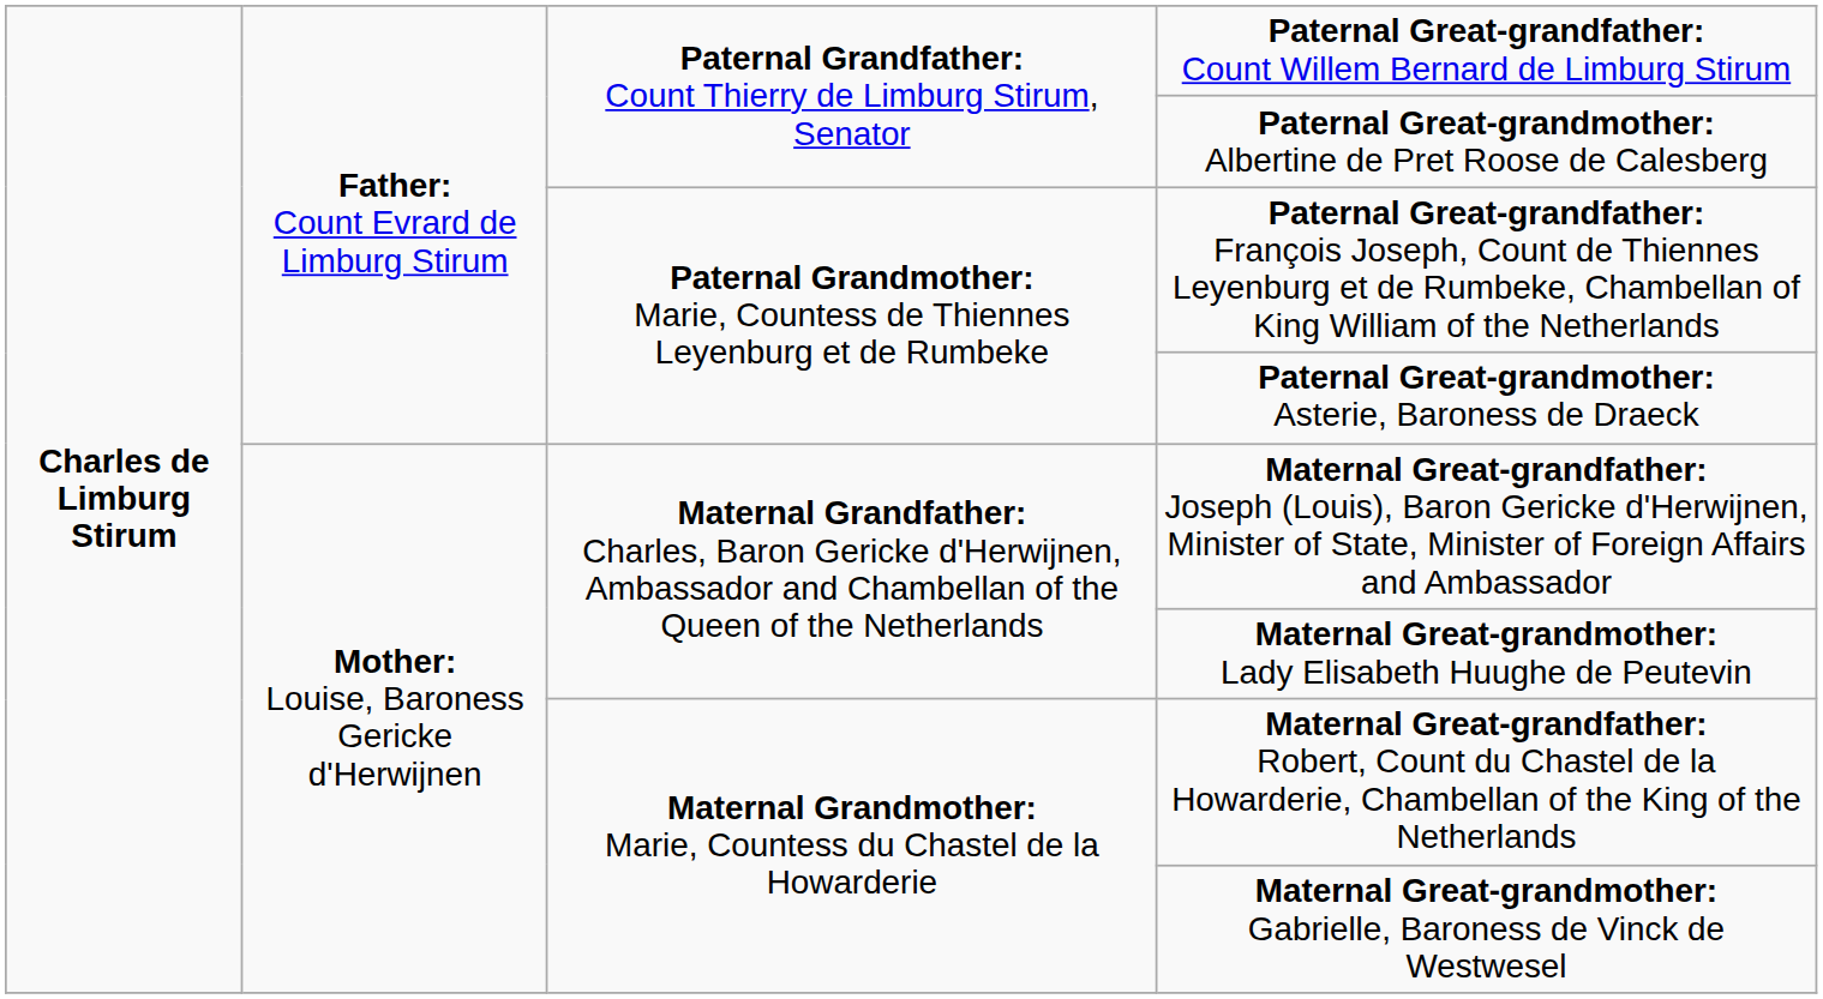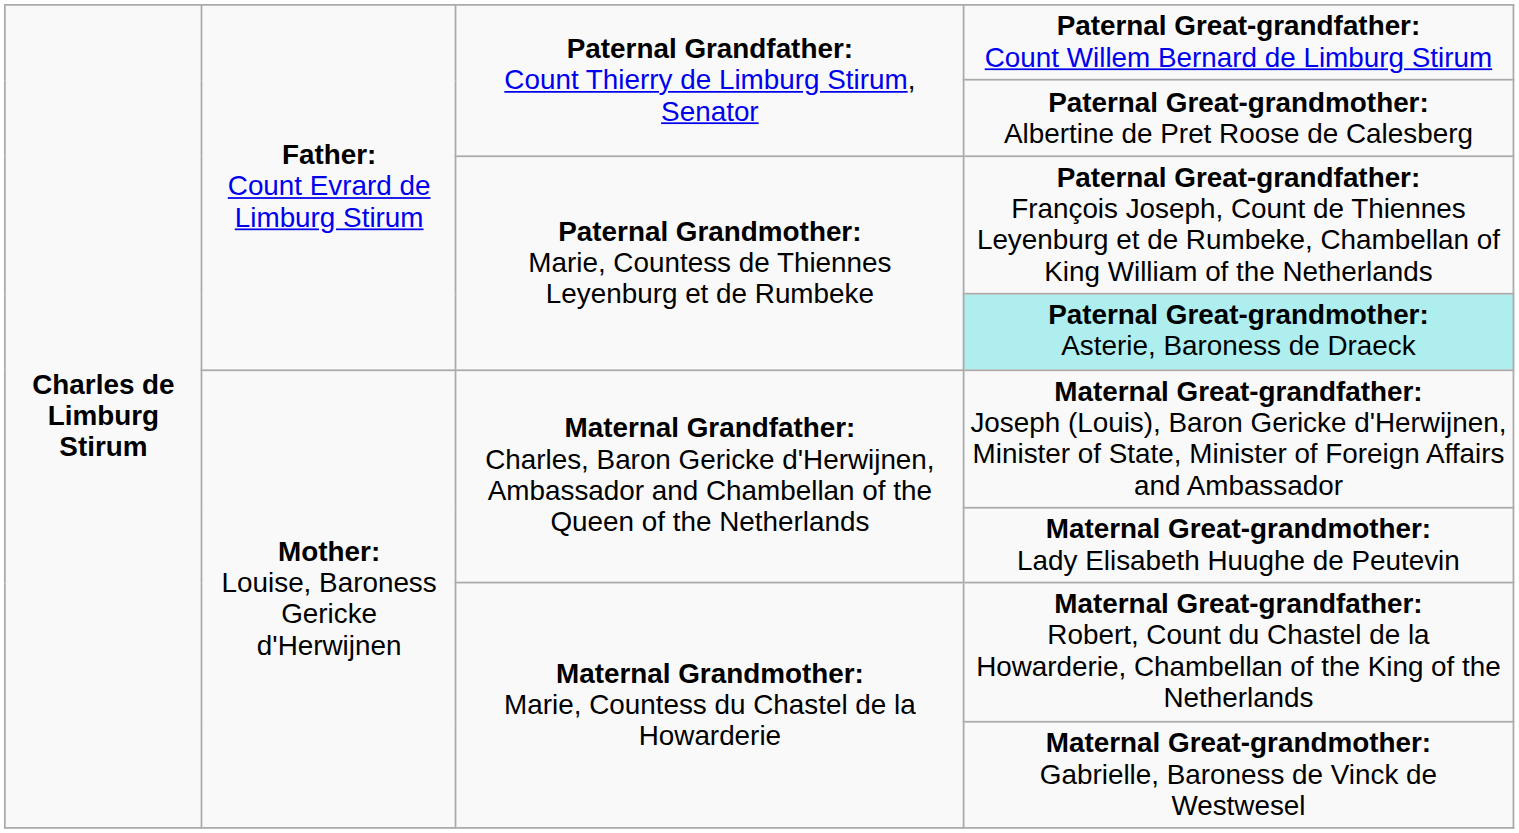 <table class="wikitable">
 <tr>
 <td rowspan="8" style="text-align:center;"><strong>Charles de Limburg Stirum</strong></td>
 <td rowspan="4" style="text-align:center;"><strong>Father:</strong><br><a href='#'>Count Evrard de Limburg Stirum</a></td>
 <td rowspan="2" style="text-align:center;"><strong>Paternal Grandfather:</strong><br><a href='#'>Count Thierry de Limburg Stirum</a>, <a href='#'>Senator</a></td>
 <td style="text-align:center;"><strong>Paternal Great-grandfather:</strong><br><a href='#'>Count Willem Bernard de Limburg Stirum</a></td>
 </tr>
 <tr>
 <td style="text-align:center;"><strong>Paternal Great-grandmother:</strong><br>Albertine de Pret Roose de Calesberg</td>
 </tr>
 <tr style="text-align:center;">
 <td rowspan="2"><strong>Paternal Grandmother:</strong><br>Marie, Countess de Thiennes Leyenburg et de Rumbeke</td>
 <td><strong>Paternal Great-grandfather:</strong><br>François Joseph, Count de Thiennes Leyenburg et de Rumbeke, Chambellan of King William of the Netherlands</td>
 </tr>
 <tr>
-<td style="text-align:center;"><strong>Paternal Great-grandmother:</strong><br> Asterie, Baroness de Draeck</td>
+<td style="background: paleturquoise; text-align:center;"><strong>Paternal Great-grandmother:</strong><br> Asterie, Baroness de Draeck</td>
 </tr>
 <tr style="text-align:center;">
 <td rowspan="4"><strong>Mother:</strong><br> Louise, Baroness Gericke d'Herwijnen</td>
 <td rowspan="2"><strong>Maternal Grandfather:</strong><br> Charles, Baron Gericke d'Herwijnen, Ambassador and Chambellan of the Queen of the Netherlands</td>
 <td><strong>Maternal Great-grandfather:</strong><br> Joseph (Louis), Baron Gericke d'Herwijnen, Minister of State, Minister of Foreign Affairs and Ambassador</td>
 </tr>
 <tr>
 <td style="text-align:center;"><strong>Maternal Great-grandmother:</strong><br> Lady Elisabeth Huughe de Peutevin</td>
 </tr>
 <tr style="text-align:center;">
 <td rowspan="2"><strong>Maternal Grandmother:</strong><br> Marie, Countess du Chastel de la Howarderie</td>
 <td><strong>Maternal Great-grandfather:</strong><br> Robert, Count du Chastel de la Howarderie, Chambellan of the King of the Netherlands</td>
 </tr>
 <tr>
 <td style="text-align:center;"><strong>Maternal Great-grandmother:</strong><br> Gabrielle, Baroness de Vinck de Westwesel</td>
 </tr>
 </table>
